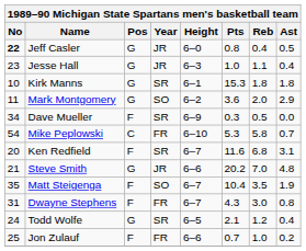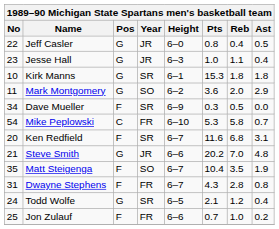 <table class="wikitable sortable" style="font-size: 90%" |->
 <tr>
 <th colspan=9 style=>1989–90 Michigan State Spartans men's basketball team</th>
 </tr>
 <tr>
 <th style="background:#">No</th>
 <th style="background:#">Name</th>
 <th style="background:#">Pos</th>
 <th style="background:#">Year</th>
 <th style="background:#">Height</th>
 <th style="background:#">Pts</th>
 <th style="background:#">Reb</th>
 <th style="background:#">Ast</th>
 </tr>
 <tr>
-<td><strong>22</strong></td>
+<td>22</td>
 <td>Jeff Casler</td>
 <td>G</td>
 <td>JR</td>
 <td>6–0</td>
 <td>0.8</td>
 <td>0.4</td>
 <td>0.5</td>
 </tr>
 <tr>
 <td>23</td>
 <td>Jesse Hall</td>
 <td>G</td>
 <td>JR</td>
 <td>6–3</td>
 <td>1.0</td>
 <td>1.1</td>
 <td>0.4</td>
 </tr>
 <tr>
 <td>10</td>
 <td>Kirk Manns</td>
 <td>G</td>
 <td>SR</td>
 <td>6–1</td>
 <td>15.3</td>
 <td>1.8</td>
 <td>1.8</td>
 </tr>
 <tr>
 <td>11</td>
 <td><a href='#'>Mark Montgomery</a></td>
 <td>G</td>
 <td>SO</td>
 <td>6–2</td>
 <td>3.6</td>
 <td>2.0</td>
 <td>2.9</td>
 </tr>
 <tr>
 <td>34</td>
 <td>Dave Mueller</td>
 <td>F</td>
 <td>SR</td>
 <td>6–9</td>
 <td>0.3</td>
 <td>0.5</td>
 <td>0.0</td>
 </tr>
 <tr>
 <td>54</td>
 <td><a href='#'>Mike Peplowski</a></td>
 <td>C</td>
 <td>FR</td>
 <td>6–10</td>
 <td>5.3</td>
 <td>5.8</td>
 <td>0.7</td>
 </tr>
 <tr>
 <td>20</td>
 <td>Ken Redfield</td>
 <td>F</td>
 <td>SR</td>
 <td>6–7</td>
 <td>11.6</td>
 <td>6.8</td>
 <td>3.1</td>
 </tr>
 <tr>
 <td>21</td>
 <td><a href='#'>Steve Smith</a></td>
 <td>G</td>
 <td>JR</td>
 <td>6–6</td>
 <td>20.2</td>
 <td>7.0</td>
 <td>4.8</td>
 </tr>
 <tr>
 <td>35</td>
 <td><a href='#'>Matt Steigenga</a></td>
 <td>F</td>
 <td>SO</td>
 <td>6–7</td>
 <td>10.4</td>
 <td>3.5</td>
 <td>1.9</td>
 </tr>
 <tr>
 <td>31</td>
 <td><a href='#'>Dwayne Stephens</a></td>
 <td>F</td>
 <td>FR</td>
 <td>6–7</td>
 <td>4.3</td>
-<td>3.0</td>
+<td>2.8</td>
 <td>0.8</td>
 </tr>
 <tr>
 <td>24</td>
 <td>Todd Wolfe</td>
 <td>G</td>
 <td>SR</td>
 <td>6–5</td>
 <td>2.1</td>
 <td>1.2</td>
 <td>0.4</td>
 </tr>
 <tr>
 <td>25</td>
 <td>Jon Zulauf</td>
 <td>F</td>
 <td>FR</td>
 <td>6–6</td>
 <td>0.7</td>
 <td>1.0</td>
 <td>0.2</td>
 </tr>
 <tr>
 </tr>
 </table>
